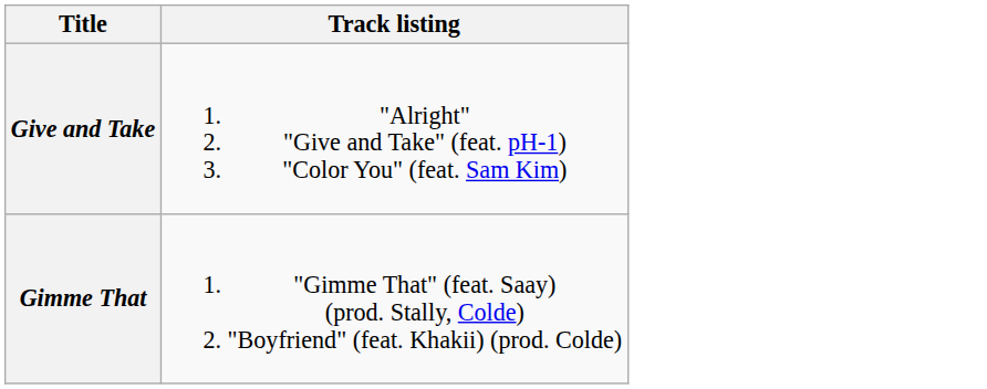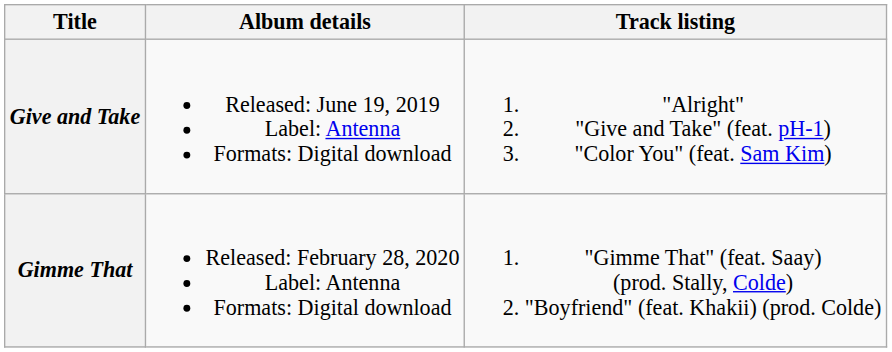 <table class="wikitable plainrowheaders" style="text-align:center;">
 <tr>
 <th scope="col">Title</th>
+<th scope="col">Album details</th>
 <th scope="col">Track listing</th>
 </tr>
 <tr>
 <th scope="row"><em>Give and Take</em></th>
+<td><br><ul><li>Released: June 19, 2019</li><li>Label: <a href='#'>Antenna</a></li><li>Formats: Digital download</li></ul></td>
 <td><br><ol><li>"Alright"</li><li>"Give and Take" (feat. <a href='#'>pH-1</a>)</li><li>"Color You" (feat. <a href='#'>Sam Kim</a>)</li></ol></td>
 </tr>
 <tr>
 <th scope="row"><em>Gimme That</em></th>
+<td><br><ul><li>Released: February 28, 2020</li><li>Label: Antenna</li><li>Formats: Digital download</li></ul></td>
 <td><br><ol><li>"Gimme That" (feat. Saay) <br>(prod. Stally, <a href='#'>Colde</a>)</li><li>"Boyfriend" (feat. Khakii) (prod. Colde) </li></ol></td>
 </tr>
 </table>
